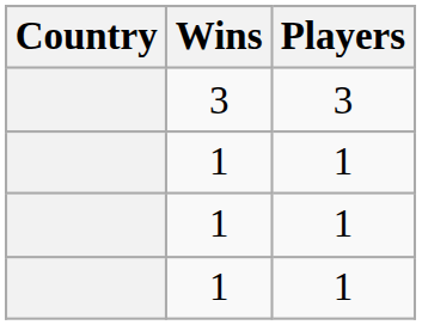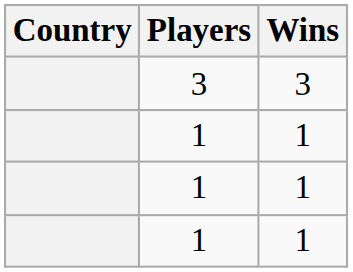 <table class="wikitable plainrowheaders" style="text-align:center">
 <tr>
 <th scope=col>Country</th>
+<th scope=col>Players</th>
 <th scope=col>Wins</th>
-<th scope=col>Players</th>
 </tr>
 <tr>
 <th align="left" scope="row"></th>
 <td align="center">3</td>
 <td align="center">3</td>
 </tr>
 <tr>
 <th align="left" scope="row"></th>
 <td align="center">1</td>
 <td align="center">1</td>
 </tr>
 <tr>
 <th align="left" scope="row"></th>
 <td align="center">1</td>
 <td align="center">1</td>
 </tr>
 <tr>
 <th align="left" scope="row"></th>
 <td align="center">1</td>
 <td align="center">1</td>
 </tr>
 </table>
